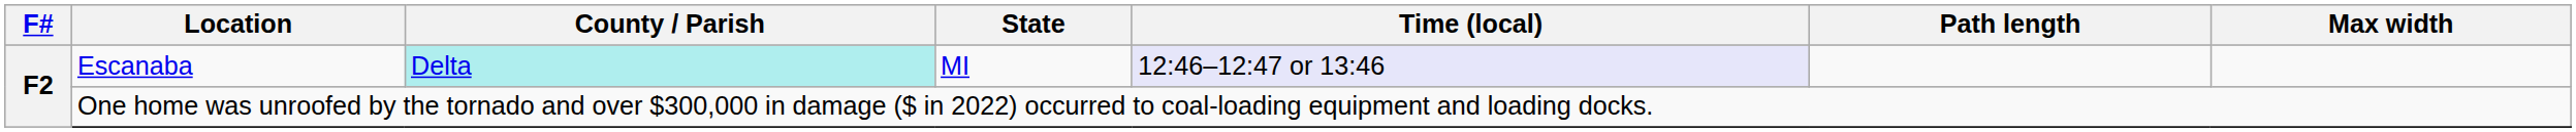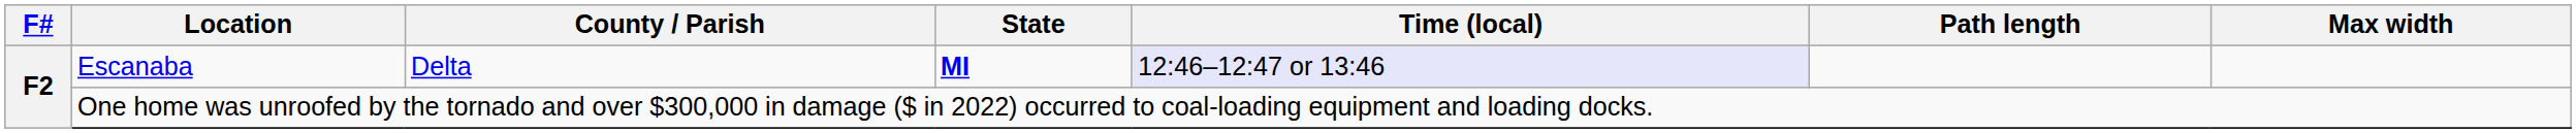 <table class="wikitable sortable" style="width:100%;">
 <tr>
 <th scope="col" align="center"><a href='#'>F#</a><br></th>
 <th scope="col" align="center" class="unsortable">Location</th>
 <th scope="col" align="center" class="unsortable">County / Parish</th>
 <th scope="col" align="center">State</th>
 <th scope="col" align="center">Time (local)</th>
 <th scope="col" align="center">Path length</th>
 <th scope="col" align="center">Max width</th>
 </tr>
 <tr>
 <th scope="row" rowspan="2" style="background-color:#">F2</th>
 <td><a href='#'>Escanaba</a></td>
-<td style="background: paleturquoise;"><a href='#'>Delta</a></td>
-<td><a href='#'>MI</a></td>
+<td><a href='#'>Delta</a></td>
+<td><strong><a href='#'>MI</a></strong></td>
 <td style="background: lavender;">12:46–12:47 or 13:46</td>
 <td></td>
 <td></td>
 </tr>
 <tr class="expand-child">
 <td colspan="6" style="border-bottom: 1px solid black;">One home was unroofed by the tornado and over $300,000 in damage ($ in 2022) occurred to coal-loading equipment and loading docks.</td>
 </tr>
 </table>
